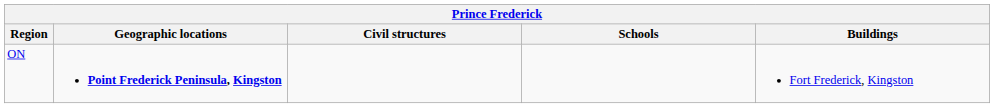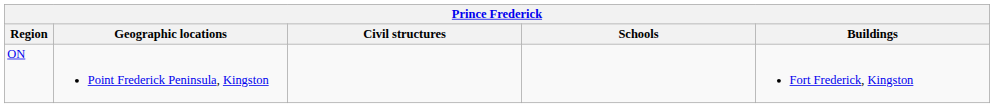 <table class="wikitable" width="100%">
 <tr>
 <th colspan="5"> <a href='#'>Prince Frederick</a></th>
 </tr>
 <tr>
 <th width="5%">Region</th>
 <th width="23.75%">Geographic locations</th>
 <th width="23.75%">Civil structures</th>
 <th width="23.75%">Schools</th>
 <th width="23.75%">Buildings</th>
 </tr>
 <tr>
 <td align=left valign=top> <a href='#'>ON</a></td>
-<td><strong><br><ul><li><a href='#'>Point Frederick Peninsula</a>, <a href='#'>Kingston</a></li></ul></strong></td>
+<td><br><ul><li><a href='#'>Point Frederick Peninsula</a>, <a href='#'>Kingston</a></li></ul></td>
 <td></td>
 <td></td>
 <td align=left valign=top><br><ul><li><a href='#'>Fort Frederick</a>, <a href='#'>Kingston</a></li></ul></td>
 </tr>
 </table>
